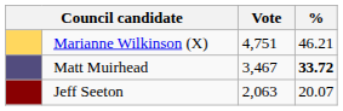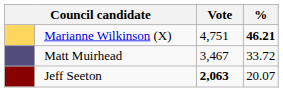 <table class="wikitable">
 <tr>
 <th width="230px" colspan="2">Council candidate</th>
 <th width="50px">Vote</th>
 <th width="30px">%</th>
 </tr>
 <tr>
 <td bgcolor=#FFD75E width="30px"> </td>
 <td>  <a href='#'>Marianne Wilkinson</a> (X)</td>
 <td>4,751</td>
-<td>46.21</td>
+<td><strong>46.21</strong></td>
 </tr>
 <tr>
 <td bgcolor=#524C7E width="30px"> </td>
 <td>  Matt Muirhead</td>
 <td>3,467</td>
-<td><strong>33.72</strong></td>
+<td>33.72</td>
 </tr>
 <tr>
 <td bgcolor=#890002 width="30px"> </td>
 <td>  Jeff Seeton</td>
-<td>2,063</td>
+<td><strong>2,063</strong></td>
 <td>20.07</td>
 </tr>
 </table>
